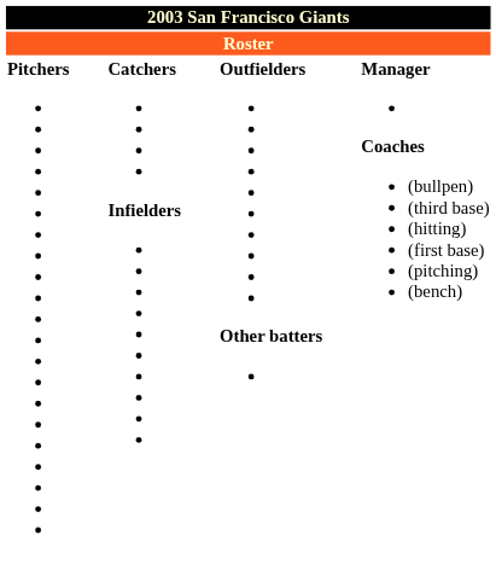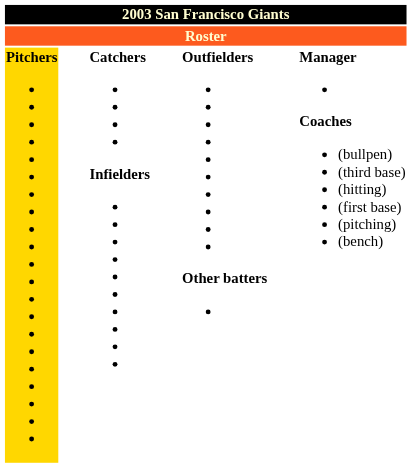 <table class="toccolours" style="font-size: 95%;">
 <tr>
 <th colspan="10" style="background-color: black; color: #FFFDD0; text-align: center;">2003 San Francisco Giants</th>
 </tr>
 <tr>
 <td colspan="10" style="background-color: #fd5a1e; color: #FFFDD0; text-align: center;"><strong>Roster</strong></td>
 </tr>
 <tr>
-<td valign="top"><strong>Pitchers</strong><br><ul><li></li><li></li><li></li><li></li><li></li><li></li><li></li><li></li><li></li><li></li><li></li><li></li><li></li><li></li><li></li><li></li><li></li><li></li><li></li><li></li><li></li></ul></td>
+<td valign="top" style="background: gold;"><strong>Pitchers</strong><br><ul><li></li><li></li><li></li><li></li><li></li><li></li><li></li><li></li><li></li><li></li><li></li><li></li><li></li><li></li><li></li><li></li><li></li><li></li><li></li><li></li><li></li></ul></td>
 <td width="25px"></td>
 <td valign="top"><strong>Catchers</strong><br><ul><li></li><li></li><li></li><li></li></ul><strong>Infielders</strong><ul><li></li><li></li><li></li><li></li><li></li><li></li><li></li><li></li><li></li><li></li></ul></td>
 <td width="25px"></td>
 <td valign="top"><strong>Outfielders</strong><br><ul><li></li><li></li><li></li><li></li><li></li><li></li><li></li><li></li><li></li><li></li></ul><strong>Other batters</strong><ul><li></li></ul></td>
 <td width="25px"></td>
 <td valign="top"><strong>Manager</strong><br><ul><li></li></ul><strong>Coaches</strong><ul><li> (bullpen)</li><li> (third base)</li><li> (hitting)</li><li> (first base)</li><li> (pitching)</li><li> (bench)</li></ul></td>
 </tr>
 <tr>
 </tr>
 </table>
